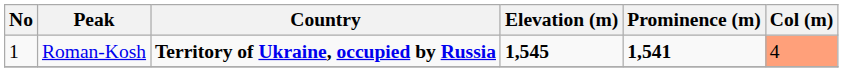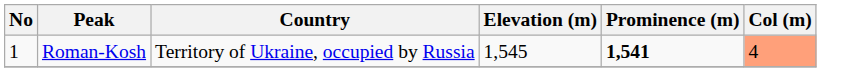 <table class="wikitable sortable">
 <tr>
 <th>No</th>
 <th>Peak</th>
 <th>Country</th>
 <th>Elevation (m)</th>
 <th>Prominence (m)</th>
 <th>Col (m)</th>
 </tr>
 <tr>
 <td>1</td>
 <td><a href='#'>Roman-Kosh</a></td>
-<td><strong>Territory of <a href='#'>Ukraine</a>, <a href='#'>occupied</a> by <a href='#'>Russia</a></strong></td>
-<td><strong>1,545</strong></td>
+<td>Territory of <a href='#'>Ukraine</a>, <a href='#'>occupied</a> by <a href='#'>Russia</a></td>
+<td>1,545</td>
 <td><strong>1,541</strong></td>
 <td style="background: lightsalmon;">4</td>
 </tr>
 <tr>
 </tr>
 </table>
